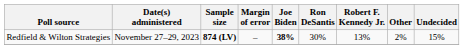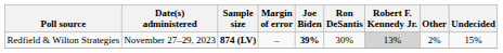 <table class="wikitable sortable mw-datatable" style="font-size:90%;text-align:center;line-height:17px">
 <tr style="vertical-align:bottom">
 <th>Poll source</th>
 <th>Date(s)<br>administered</th>
 <th>Sample<br>size</th>
 <th>Margin<br>of error</th>
 <th class="unsortable">Joe<br>Biden<br></th>
 <th class="unsortable">Ron<br>DeSantis<br></th>
 <th class="unsortable">Robert F.<br>Kennedy Jr.<br></th>
 <th class="unsortable">Other</th>
 <th class="unsortable">Undecided</th>
 </tr>
 <tr>
 <td style="text-align:left;">Redfield & Wilton Strategies</td>
 <td data-sort-value="2023-12-05">November 27–29, 2023</td>
 <td><strong>874 (LV)</strong></td>
 <td>–</td>
-<td style="color:black;background-color:"><strong>38%</strong></td>
+<td style="color:black;background-color:"><strong>39%</strong></td>
 <td>30%</td>
-<td>13%</td>
+<td style="background: lightgrey;">13%</td>
 <td>2%</td>
 <td>15%</td>
 </tr>
 <tr>
 </tr>
 </table>
